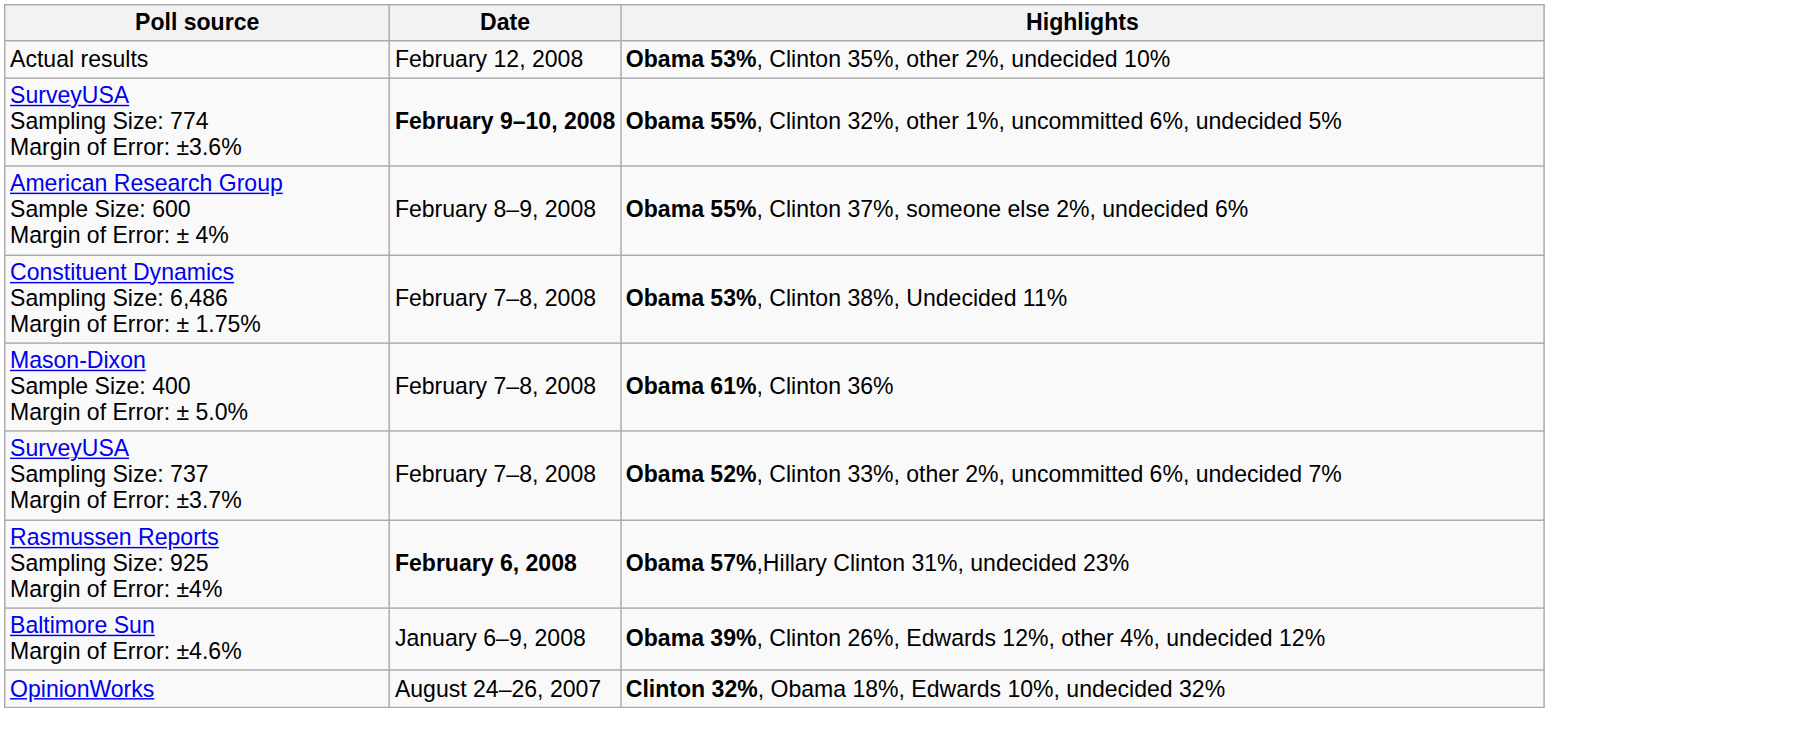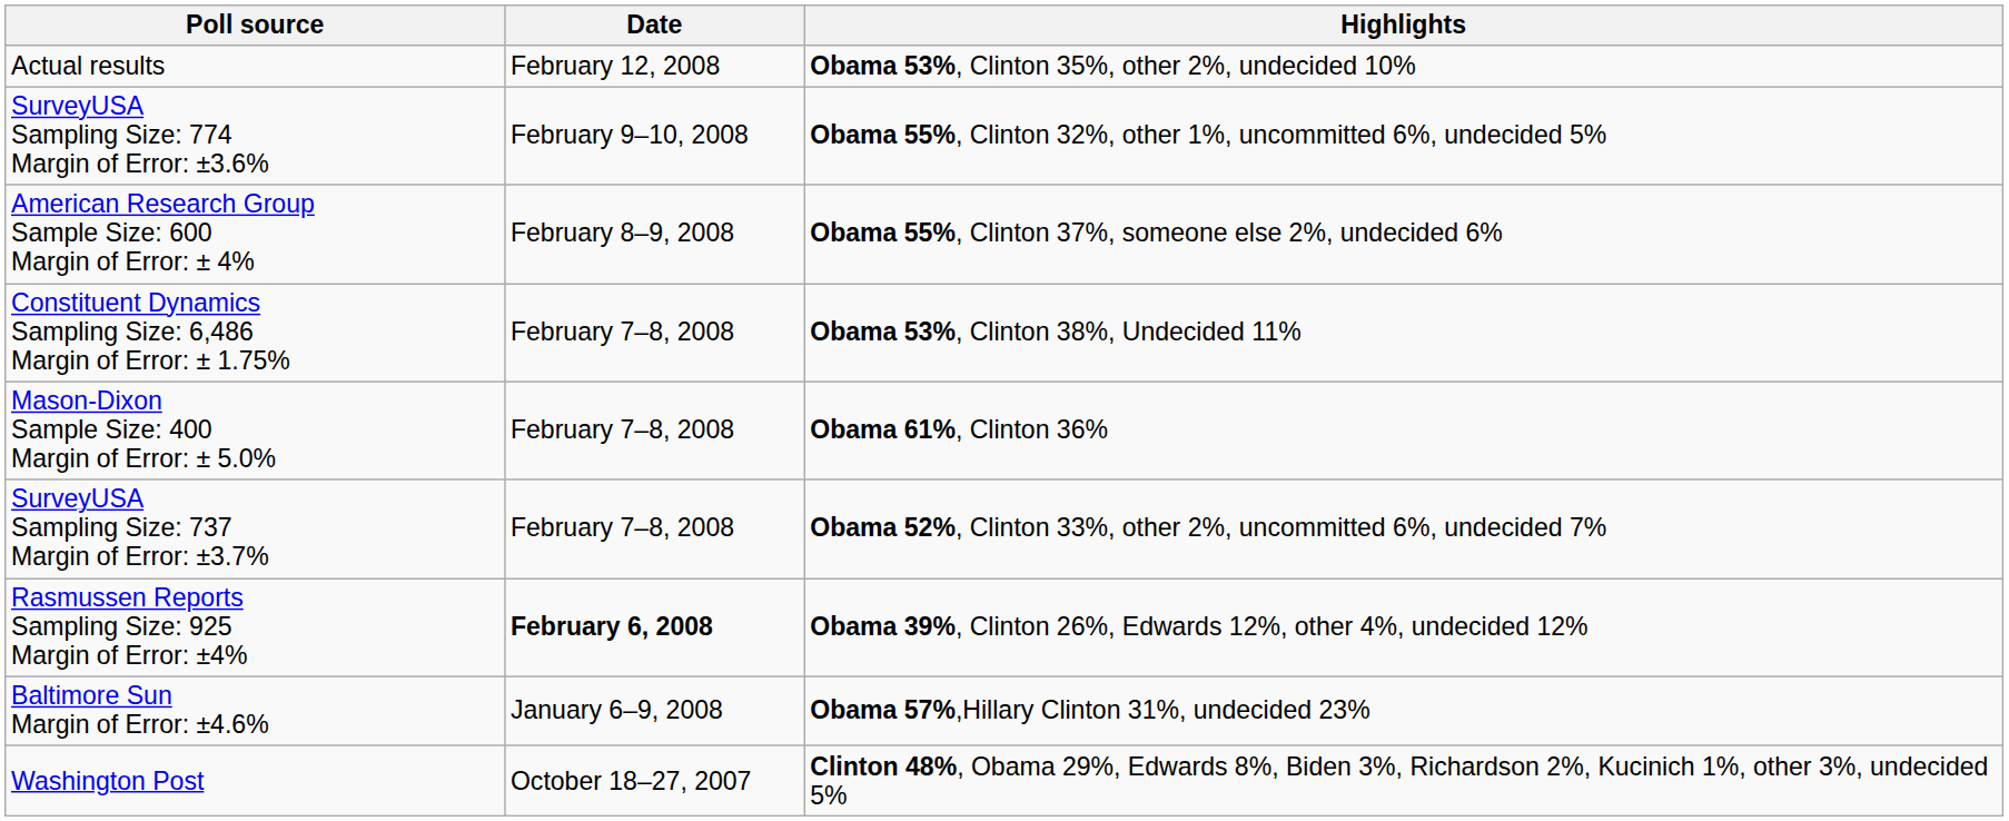 <table class="wikitable sortable">
 <tr>
 <th width="25%">Poll source</th>
 <th width="15%">Date</th>
 <th width="60%">Highlights</th>
 </tr>
 <tr>
 <td>Actual results</td>
 <td>February 12, 2008</td>
 <td><strong>Obama 53%</strong>, Clinton 35%, other 2%, undecided 10%</td>
 </tr>
 <tr>
 <td><a href='#'>SurveyUSA</a><br>Sampling Size: 774<br> Margin of Error: ±3.6%</td>
-<td><strong>February 9–10, 2008</strong></td>
+<td>February 9–10, 2008</td>
 <td><strong>Obama 55%</strong>, Clinton 32%, other 1%, uncommitted 6%, undecided 5%</td>
 </tr>
 <tr>
 <td><a href='#'>American Research Group</a><br>Sample Size: 600<br> Margin of Error: ± 4%</td>
 <td>February 8–9, 2008</td>
 <td><strong>Obama 55%</strong>, Clinton 37%, someone else 2%, undecided 6%</td>
 </tr>
 <tr>
 <td><a href='#'>Constituent Dynamics</a><br>Sampling Size: 6,486<br> Margin of Error: ± 1.75%</td>
 <td>February 7–8, 2008</td>
 <td><strong>Obama 53%</strong>, Clinton 38%, Undecided 11%</td>
 </tr>
 <tr>
 <td><a href='#'>Mason-Dixon</a><br>Sample Size: 400<br> Margin of Error: ± 5.0%</td>
 <td>February 7–8, 2008</td>
 <td><strong>Obama 61%</strong>, Clinton 36%</td>
 </tr>
 <tr>
 <td><a href='#'>SurveyUSA</a><br>Sampling Size: 737<br> Margin of Error: ±3.7%</td>
 <td>February 7–8, 2008</td>
 <td><strong>Obama 52%</strong>, Clinton 33%, other 2%, uncommitted 6%, undecided 7%</td>
 </tr>
 <tr>
 <td><a href='#'>Rasmussen Reports</a><br>Sampling Size: 925<br> Margin of Error: ±4%</td>
 <td><strong>February 6, 2008</strong></td>
-<td><strong>Obama 57%</strong>,Hillary Clinton 31%, undecided 23%</td>
+<td><strong>Obama 39%</strong>, Clinton 26%, Edwards 12%, other 4%, undecided 12%</td>
 </tr>
 <tr>
 <td><a href='#'>Baltimore Sun</a><br>Margin of Error: ±4.6%</td>
 <td>January 6–9, 2008</td>
-<td><strong>Obama 39%</strong>, Clinton 26%, Edwards 12%, other 4%, undecided 12%</td>
+<td><strong>Obama 57%</strong>,Hillary Clinton 31%, undecided 23%</td>
 </tr>
 <tr>
-<td><a href='#'>OpinionWorks</a></td>
-<td>August 24–26, 2007</td>
-<td><strong>Clinton 32%</strong>, Obama 18%, Edwards 10%, undecided 32%</td>
+<td><a href='#'>Washington Post</a></td>
+<td>October 18–27, 2007</td>
+<td><strong>Clinton 48%</strong>, Obama 29%, Edwards 8%, Biden 3%, Richardson 2%, Kucinich 1%, other 3%, undecided 5%</td>
 </tr>
 </table>
